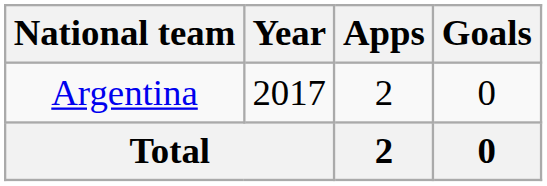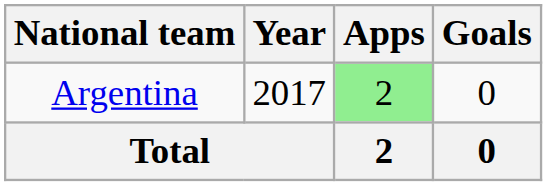 <table class="wikitable" style="text-align:center">
 <tr>
 <th>National team</th>
 <th>Year</th>
 <th>Apps</th>
 <th>Goals</th>
 </tr>
 <tr>
 <td rowspan="1"><a href='#'>Argentina</a></td>
 <td>2017</td>
-<td>2</td>
+<td style="background: lightgreen;">2</td>
 <td>0</td>
 </tr>
 <tr>
 <th colspan="2">Total</th>
 <th>2</th>
 <th>0</th>
 </tr>
 </table>
